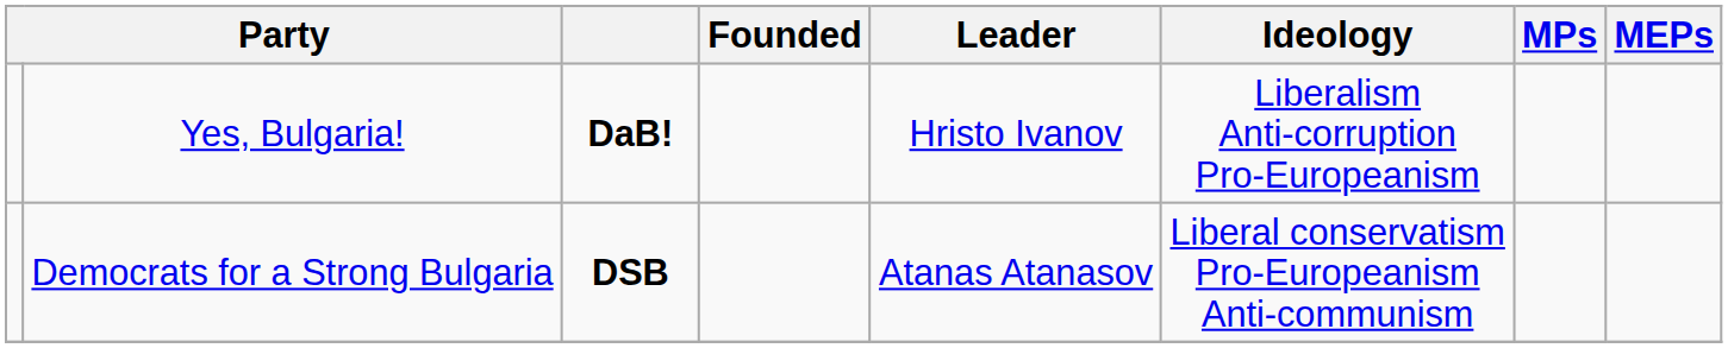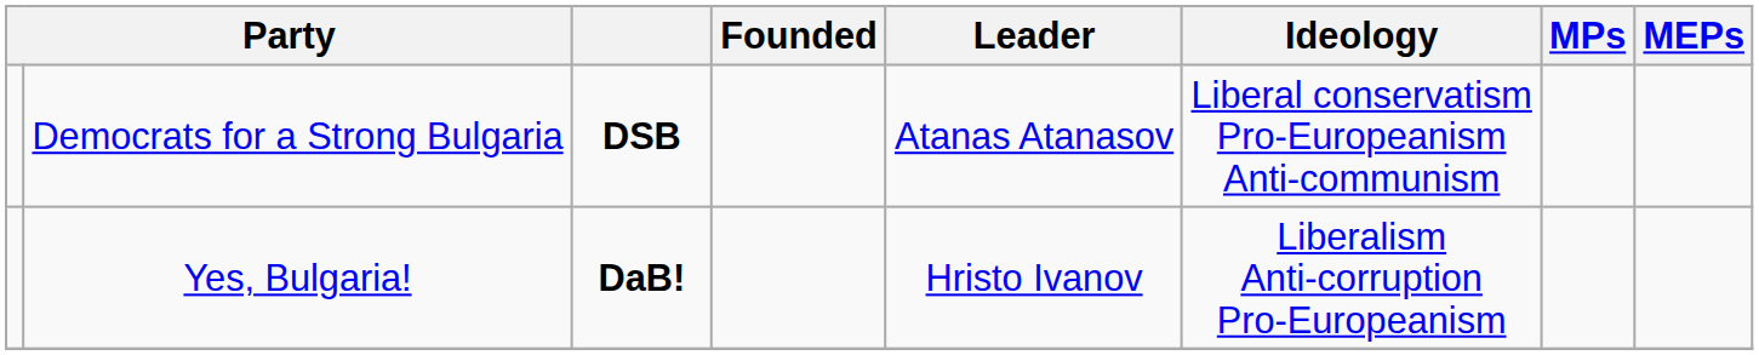 <table class="wikitable" style="text-align:center; font-size:95%">
 <tr>
 <th style="width:200px" colspan="2">Party</th>
 <th style="width:50px"></th>
 <th>Founded</th>
 <th>Leader</th>
 <th>Ideology</th>
 <th><a href='#'>MPs</a></th>
 <th><a href='#'>MEPs</a></th>
+</tr>
+<tr>
+<td></td>
+<td><a href='#'>Democrats for a Strong Bulgaria</a><br><small></small></td>
+<td align="center"><strong>DSB</strong></td>
+<td></td>
+<td><a href='#'>Atanas Atanasov</a></td>
+<td><a href='#'>Liberal conservatism</a><br><a href='#'>Pro-Europeanism</a><br><a href='#'>Anti-communism</a></td>
+<td></td>
+<td></td>
 </tr>
 <tr>
 <td bgcolor=></td>
 <td><a href='#'>Yes, Bulgaria!</a><br><small></small></td>
 <td><strong>DaB!</strong></td>
 <td></td>
 <td><a href='#'>Hristo Ivanov</a></td>
 <td><a href='#'>Liberalism</a><br><a href='#'>Anti-corruption</a><br><a href='#'>Pro-Europeanism</a></td>
 <td></td>
 <td></td>
 </tr>
 <tr>
-<td></td>
-<td><a href='#'>Democrats for a Strong Bulgaria</a><br><small></small></td>
-<td align="center"><strong>DSB</strong></td>
-<td></td>
-<td><a href='#'>Atanas Atanasov</a></td>
-<td><a href='#'>Liberal conservatism</a><br><a href='#'>Pro-Europeanism</a><br><a href='#'>Anti-communism</a></td>
-<td></td>
-<td></td>
-</tr>
-<tr>
 </tr>
 </table>
